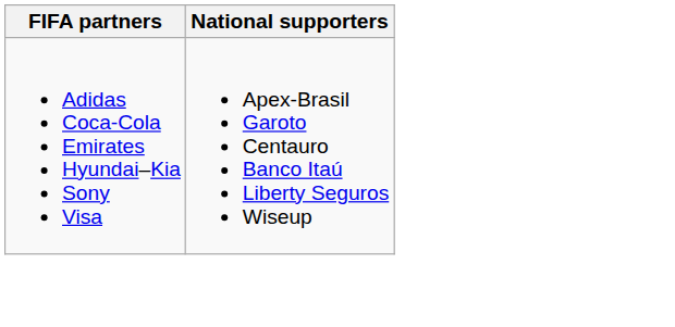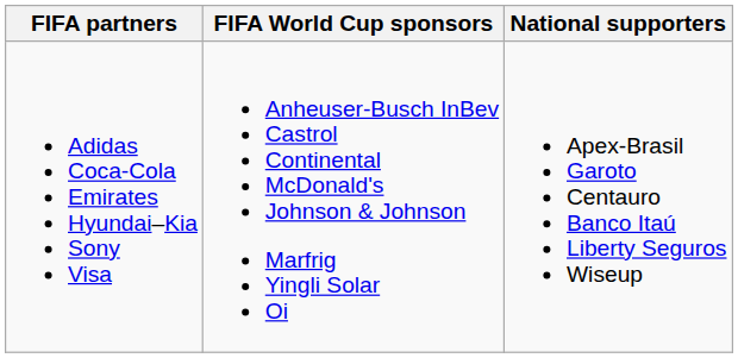 <table class="wikitable">
 <tr>
 <th>FIFA partners</th>
+<th>FIFA World Cup sponsors</th>
 <th>National supporters</th>
 </tr>
 <tr>
 <td><br><ul><li><a href='#'>Adidas</a></li><li><a href='#'>Coca-Cola</a></li><li><a href='#'>Emirates</a></li><li><a href='#'>Hyundai</a>–<a href='#'>Kia</a></li><li><a href='#'>Sony</a></li><li><a href='#'>Visa</a></li></ul></td>
+<td><br> <ul><li><a href='#'>Anheuser-Busch InBev</a></li><li><a href='#'>Castrol</a></li><li><a href='#'>Continental</a></li><li><a href='#'>McDonald's</a></li><li><a href='#'>Johnson & Johnson</a></li></ul><ul><li><a href='#'>Marfrig</a></li><li><a href='#'>Yingli Solar</a></li><li><a href='#'>Oi</a></li></ul></td>
 <td><br><ul><li>Apex-Brasil</li><li><a href='#'>Garoto</a></li><li>Centauro</li><li><a href='#'>Banco Itaú</a></li><li><a href='#'>Liberty Seguros</a></li><li>Wiseup</li></ul></td>
 </tr>
 </table>
